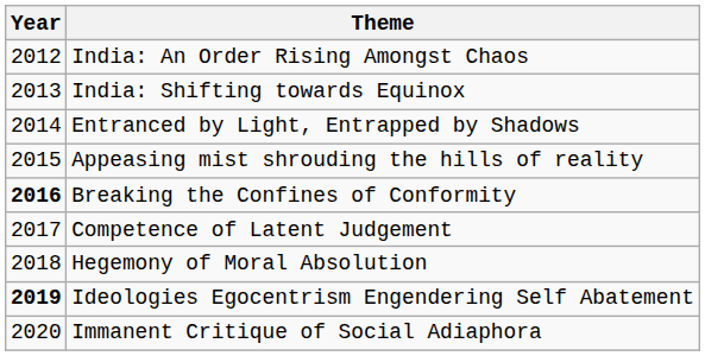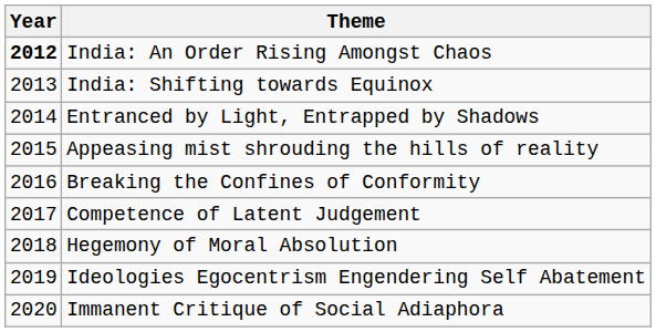 <table class="wikitable">
 <tr>
 <th>Year</th>
 <th>Theme</th>
 </tr>
 <tr>
-<td>2012</td>
+<td><strong>2012</strong></td>
 <td>India: An Order Rising Amongst Chaos</td>
 </tr>
 <tr>
 <td>2013</td>
 <td>India: Shifting towards Equinox</td>
 </tr>
 <tr>
 <td>2014</td>
 <td>Entranced by Light, Entrapped by Shadows</td>
 </tr>
 <tr>
 <td>2015</td>
 <td>Appeasing mist shrouding the hills of reality</td>
 </tr>
 <tr>
-<td><strong>2016</strong></td>
+<td>2016</td>
 <td>Breaking the Confines of Conformity</td>
 </tr>
 <tr>
 <td>2017</td>
 <td>Competence of Latent Judgement</td>
 </tr>
 <tr>
 <td>2018</td>
 <td>Hegemony of Moral Absolution</td>
 </tr>
 <tr>
-<td><strong>2019</strong></td>
+<td>2019</td>
 <td>Ideologies Egocentrism Engendering Self Abatement</td>
 </tr>
 <tr>
 <td>2020</td>
 <td>Immanent Critique of Social Adiaphora</td>
 </tr>
 </table>
